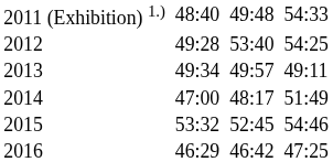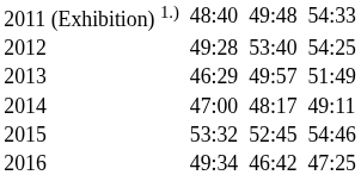 <table>
 <tr>
 <td>2011 (Exhibition) <sup>1.)</sup></td>
 <td></td>
 <td>48:40</td>
 <td></td>
 <td>49:48</td>
 <td></td>
 <td>54:33</td>
 </tr>
 <tr>
 <td>2012</td>
 <td></td>
 <td>49:28</td>
 <td></td>
 <td>53:40</td>
 <td></td>
 <td>54:25</td>
 </tr>
 <tr>
 <td>2013</td>
 <td></td>
-<td>49:34</td>
+<td>46:29</td>
 <td></td>
 <td>49:57</td>
 <td></td>
-<td>49:11</td>
+<td>51:49</td>
 </tr>
 <tr>
 <td>2014</td>
 <td></td>
 <td>47:00</td>
 <td></td>
 <td>48:17</td>
 <td></td>
-<td>51:49</td>
+<td>49:11</td>
 </tr>
 <tr>
 <td>2015</td>
 <td></td>
 <td>53:32</td>
 <td></td>
 <td>52:45</td>
 <td></td>
 <td>54:46</td>
 </tr>
 <tr>
 <td>2016</td>
 <td></td>
-<td>46:29</td>
+<td>49:34</td>
 <td></td>
 <td>46:42</td>
 <td></td>
 <td>47:25</td>
 </tr>
 </table>
